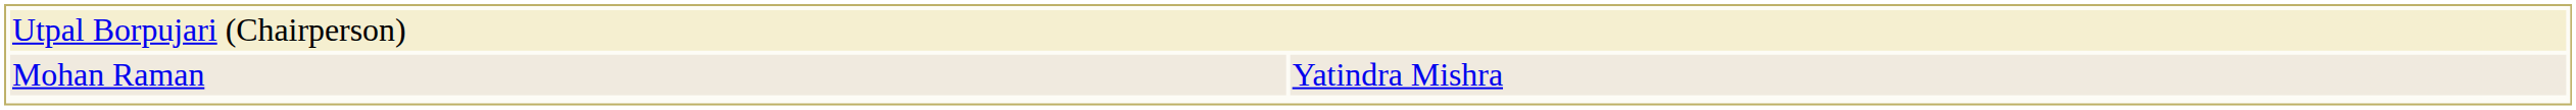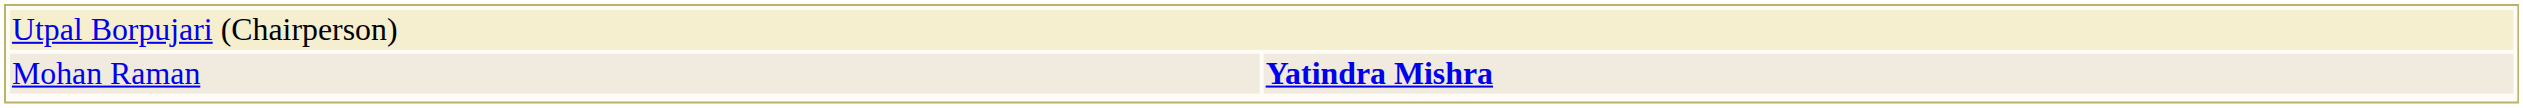 <table style="width:100%;border: 1px solid #BEB168;background-color:#FDFCF6;">
 <tr>
 <td colspan="2" style="background-color:#F5EFD0;"> <a href='#'>Utpal Borpujari</a> (Chairperson)</td>
 </tr>
 <tr style="background-color:#F0EADF;">
 <td style="width:50%"> <a href='#'>Mohan Raman</a></td>
-<td style="width:50%"> <a href='#'>Yatindra Mishra</a></td>
+<td style="width:50%"><strong> <a href='#'>Yatindra Mishra</a></strong></td>
 </tr>
 <tr style="vertical-align:top;">
 </tr>
 </table>
